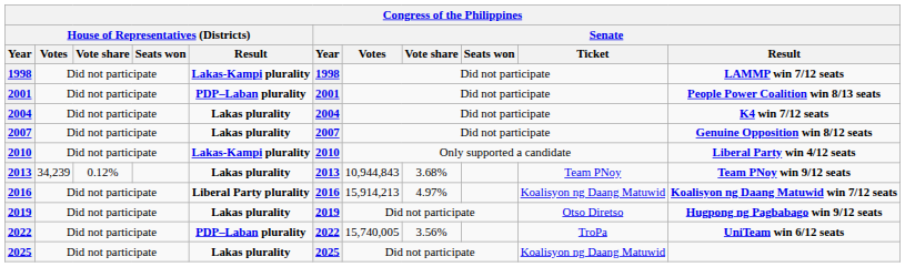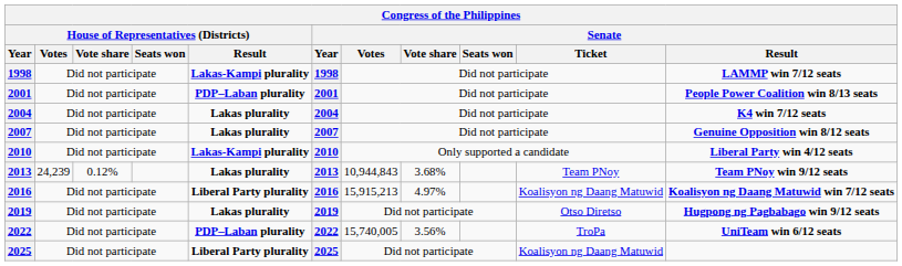 <table class="wikitable" style="text-align:center; font-size:90%">
 <tr>
 <th colspan="11"><a href='#'>Congress of the Philippines</a></th>
 </tr>
 <tr>
 <th colspan="5"><a href='#'>House of Representatives</a> (Districts)</th>
 <th colspan="6"><a href='#'>Senate</a></th>
 </tr>
 <tr>
 <th>Year</th>
 <th>Votes</th>
 <th>Vote share</th>
 <th>Seats won</th>
 <th>Result</th>
 <th>Year</th>
 <th>Votes</th>
 <th>Vote share</th>
 <th>Seats won</th>
 <th>Ticket</th>
 <th>Result</th>
 </tr>
 <tr>
 <th><a href='#'>1998</a></th>
 <td colspan="3">Did not participate</td>
 <td><strong><a href='#'>Lakas-Kampi</a> plurality</strong></td>
 <th><a href='#'>1998</a></th>
 <td colspan="4">Did not participate</td>
 <td><strong><a href='#'>LAMMP</a> win 7/12 seats</strong></td>
 </tr>
 <tr>
 <th><a href='#'>2001</a></th>
 <td colspan="3">Did not participate</td>
 <td><strong><a href='#'>PDP–Laban</a> plurality</strong></td>
 <th><a href='#'>2001</a></th>
 <td colspan="4">Did not participate</td>
 <td><strong><a href='#'>People Power Coalition</a> win 8/13 seats</strong></td>
 </tr>
 <tr>
 <th><a href='#'>2004</a></th>
 <td colspan="3">Did not participate</td>
 <td><strong>Lakas plurality</strong></td>
 <th><a href='#'>2004</a></th>
 <td colspan="4">Did not participate</td>
 <td><strong><a href='#'>K4</a> win 7/12 seats</strong></td>
 </tr>
 <tr>
 <th><a href='#'>2007</a></th>
 <td colspan="3">Did not participate</td>
 <td><strong>Lakas plurality</strong></td>
 <th><a href='#'>2007</a></th>
 <td colspan="4">Did not participate</td>
 <td><strong><a href='#'>Genuine Opposition</a> win 8/12 seats</strong></td>
 </tr>
 <tr>
 <th><a href='#'>2010</a></th>
 <td colspan="3">Did not participate</td>
 <td><strong><a href='#'>Lakas-Kampi</a> plurality</strong></td>
 <th><a href='#'>2010</a></th>
 <td colspan="4">Only supported a candidate</td>
 <td><strong><a href='#'>Liberal Party</a> win 4/12 seats</strong></td>
 </tr>
 <tr>
 <th><a href='#'>2013</a></th>
-<td>34,239</td>
+<td>24,239</td>
 <td>0.12%</td>
 <td></td>
 <td><strong>Lakas plurality</strong></td>
 <th><a href='#'>2013</a></th>
 <td>10,944,843</td>
 <td>3.68%</td>
 <td></td>
 <td style="background:"><span><a href='#'><span>Team PNoy</span></a></span></td>
 <td style="background:"><span><strong><a href='#'><span>Team PNoy</span></a> win 9/12 seats</strong></span></td>
 </tr>
 <tr>
 <th><a href='#'>2016</a></th>
 <td colspan="3">Did not participate</td>
 <td><strong>Liberal Party plurality</strong></td>
 <th><a href='#'>2016</a></th>
-<td>15,914,213</td>
+<td>15,915,213</td>
 <td>4.97%</td>
 <td></td>
 <td style="background:"><a href='#'><span>Koalisyon ng Daang Matuwid</span></a></td>
 <td style="background:"><span><strong><a href='#'><span>Koalisyon ng Daang Matuwid</span></a> win 7/12 seats</strong></span></td>
 </tr>
 <tr>
 <th><a href='#'>2019</a></th>
 <td colspan="3">Did not participate</td>
 <td><strong>Lakas plurality</strong></td>
 <th><a href='#'>2019</a></th>
 <td colspan="3">Did not participate</td>
 <td><a href='#'>Otso Diretso</a></td>
 <td><strong><a href='#'>Hugpong ng Pagbabago</a> win 9/12 seats</strong></td>
 </tr>
 <tr>
 <th><a href='#'>2022</a></th>
 <td colspan="3">Did not participate</td>
 <td><strong><a href='#'>PDP–Laban</a> plurality</strong></td>
 <th><a href='#'>2022</a></th>
 <td>15,740,005</td>
 <td>3.56%</td>
 <td style="text-align:center"></td>
 <td><a href='#'>TroPa</a></td>
 <td><strong><a href='#'>UniTeam</a> win 6/12 seats</strong></td>
 </tr>
 <tr>
 <th><a href='#'>2025</a></th>
 <td colspan="3">Did not participate</td>
-<td><strong>Lakas plurality</strong></td>
+<td><strong>Liberal Party plurality</strong></td>
 <th><a href='#'>2025</a></th>
 <td colspan="3">Did not participate</td>
 <td style="background:"><a href='#'><span>Koalisyon ng Daang Matuwid</span></a></td>
 <td></td>
 </tr>
 </table>
